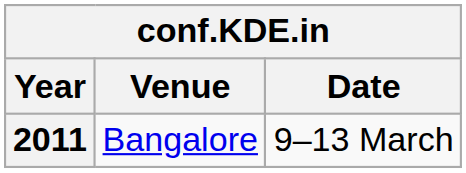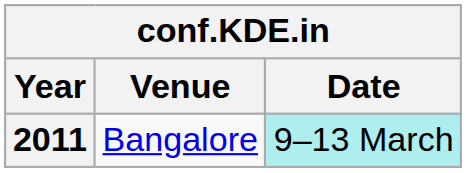 <table - class="wikitable floatleft">
 <tr style="background:#efefef;">
 <th colspan="3">conf.KDE.in</th>
 </tr>
 <tr style="background:#efefef;">
 <th>Year</th>
 <th>Venue</th>
 <th>Date</th>
 </tr>
 <tr>
 <th>2011</th>
 <td><a href='#'>Bangalore</a></td>
-<td>9–13 March</td>
+<td style="background: paleturquoise;">9–13 March</td>
 </tr>
 </table>
